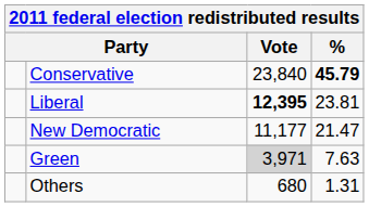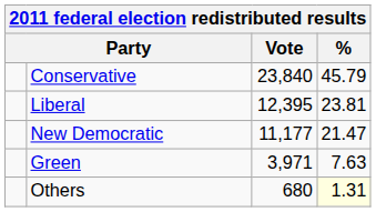 <table class="wikitable">
 <tr>
 <th colspan="4"><a href='#'>2011 federal election</a> redistributed results</th>
 </tr>
 <tr>
 <th bgcolor="#DDDDFF" width="130px" colspan="2">Party</th>
 <th bgcolor="#DDDDFF" width="50px">Vote</th>
 <th bgcolor="#DDDDFF" width="30px">%</th>
 </tr>
 <tr>
 <td> </td>
 <td><a href='#'>Conservative</a></td>
 <td align="right">23,840</td>
-<td align="right"><strong>45.79</strong></td>
+<td align="right">45.79</td>
 </tr>
 <tr>
 <td> </td>
 <td><a href='#'>Liberal</a></td>
-<td align="right"><strong>12,395</strong></td>
+<td align="right">12,395</td>
 <td align="right">23.81</td>
 </tr>
 <tr>
 <td> </td>
 <td><a href='#'>New Democratic</a></td>
 <td align="right">11,177</td>
 <td align="right">21.47</td>
 </tr>
 <tr>
 <td> </td>
 <td><a href='#'>Green</a></td>
-<td align="right" style="background: lightgrey;">3,971</td>
+<td align="right">3,971</td>
 <td align="right">7.63</td>
 </tr>
 <tr>
 <td> </td>
 <td>Others</td>
 <td align="right">680</td>
-<td align="right">1.31</td>
+<td align="right" style="background: lightyellow;">1.31</td>
 </tr>
 </table>
